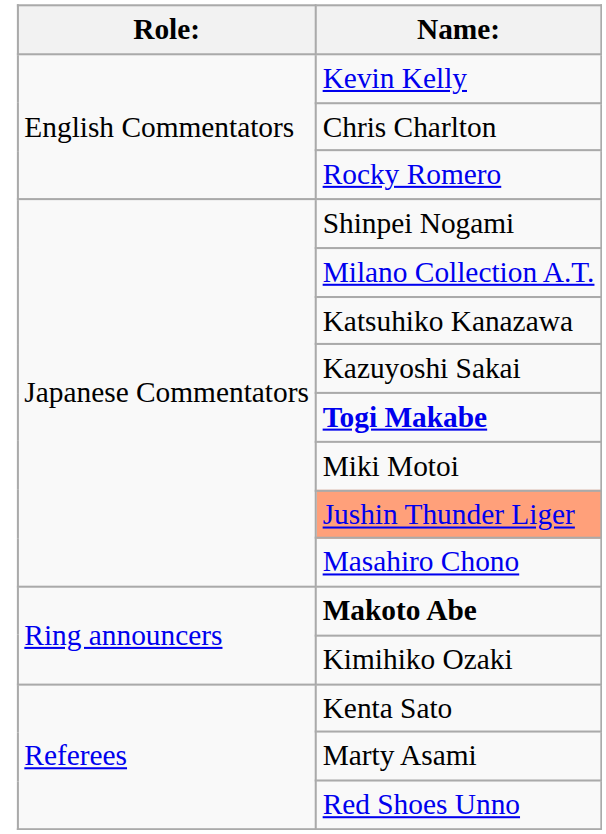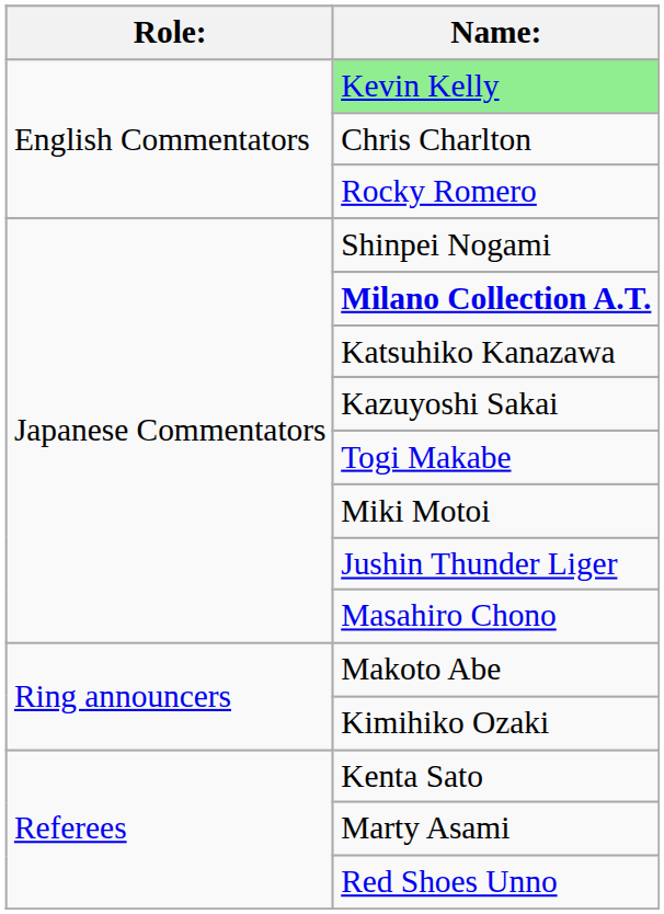 <table class=wikitable style="font-size:90%; margin: 0.5em 0 0.5em 1em; float: right; clear: right;">
 <tr>
 <th>Role:</th>
 <th>Name:</th>
 </tr>
 <tr>
 <td rowspan="3">English Commentators</td>
-<td><a href='#'>Kevin Kelly</a></td>
+<td style="background: lightgreen;"><a href='#'>Kevin Kelly</a></td>
 </tr>
 <tr>
 <td>Chris Charlton</td>
 </tr>
 <tr>
 <td><a href='#'>Rocky Romero</a></td>
 </tr>
 <tr>
 <td rowspan=8>Japanese Commentators</td>
 <td>Shinpei Nogami</td>
 </tr>
 <tr>
-<td><a href='#'>Milano Collection A.T.</a></td>
+<td><strong><a href='#'>Milano Collection A.T.</a></strong></td>
 </tr>
 <tr>
 <td>Katsuhiko Kanazawa</td>
 </tr>
 <tr>
 <td>Kazuyoshi Sakai</td>
 </tr>
 <tr>
-<td><strong><a href='#'>Togi Makabe</a></strong></td>
+<td><a href='#'>Togi Makabe</a></td>
 </tr>
 <tr>
 <td>Miki Motoi</td>
 </tr>
 <tr>
-<td style="background: lightsalmon;"><a href='#'>Jushin Thunder Liger</a></td>
+<td><a href='#'>Jushin Thunder Liger</a></td>
 </tr>
 <tr>
 <td><a href='#'>Masahiro Chono</a></td>
 </tr>
 <tr>
 <td rowspan=2><a href='#'>Ring announcers</a></td>
-<td><strong>Makoto Abe</strong></td>
+<td>Makoto Abe</td>
 </tr>
 <tr>
 <td>Kimihiko Ozaki</td>
 </tr>
 <tr>
 <td rowspan="3"><a href='#'>Referees</a></td>
 <td>Kenta Sato</td>
 </tr>
 <tr>
 <td>Marty Asami</td>
 </tr>
 <tr>
 <td><a href='#'>Red Shoes Unno</a></td>
 </tr>
 <tr>
 </tr>
 </table>
